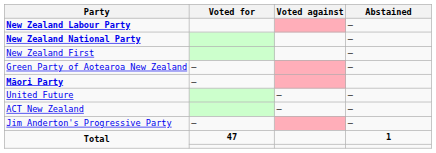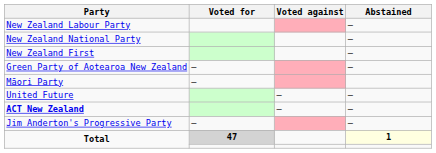 <table class="wikitable">
 <tr>
 <th>Party</th>
 <th style="width:20%;">Voted for</th>
 <th>Voted against</th>
 <th style="width:20%;">Abstained</th>
 </tr>
 <tr>
-<td><strong> <a href='#'>New Zealand Labour Party</a></strong></td>
+<td> <a href='#'>New Zealand Labour Party</a></td>
 <td></td>
 <td style="background-color:#FFAEB9;"></td>
 <td>–</td>
 </tr>
 <tr>
-<td><strong> <a href='#'>New Zealand National Party</a></strong></td>
+<td> <a href='#'>New Zealand National Party</a></td>
 <td style="background-color:#CCFFCC;"></td>
 <td></td>
 <td>–</td>
 </tr>
 <tr>
 <td> <a href='#'>New Zealand First</a></td>
 <td style="background-color:#CCFFCC;"></td>
 <td></td>
 <td>–</td>
 </tr>
 <tr>
 <td> <a href='#'>Green Party of Aotearoa New Zealand</a></td>
 <td>–</td>
 <td style="background-color:#FFAEB9;"></td>
 <td>–</td>
 </tr>
 <tr>
-<td><strong> <a href='#'>Māori Party</a></strong></td>
+<td> <a href='#'>Māori Party</a></td>
 <td>–</td>
 <td style="background-color:#FFAEB9;"></td>
 <td></td>
 </tr>
 <tr>
 <td> <a href='#'>United Future</a></td>
 <td style="background-color:#CCFFCC;"></td>
 <td>–</td>
 <td>–</td>
 </tr>
 <tr>
-<td> <a href='#'>ACT New Zealand</a></td>
+<td><strong> <a href='#'>ACT New Zealand</a></strong></td>
 <td style="background-color:#CCFFCC;"></td>
 <td>–</td>
 <td>–</td>
 </tr>
 <tr>
 <td> <a href='#'>Jim Anderton's Progressive Party</a></td>
 <td>–</td>
 <td style="background-color:#FFAEB9;"></td>
 <td>–</td>
 </tr>
 <tr>
 <td style="text-align:center;" rowspan="2"><strong>Total</strong></td>
-<td style="text-align:center;"><strong>47</strong></td>
+<td style="background: lightgrey; text-align:center;"><strong>47</strong></td>
 <td></td>
-<td style="text-align:center;"><strong>1</strong></td>
+<td style="background: lightyellow; text-align:center;"><strong>1</strong></td>
 </tr>
 <tr>
 <td style="text-align:center;"></td>
 <td style="text-align:center;"></td>
 <td style="text-align:center;"></td>
 </tr>
 </table>
